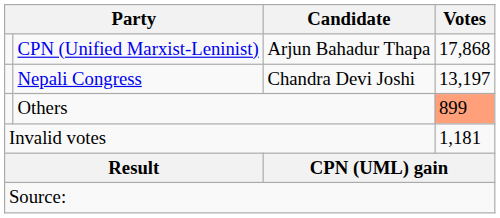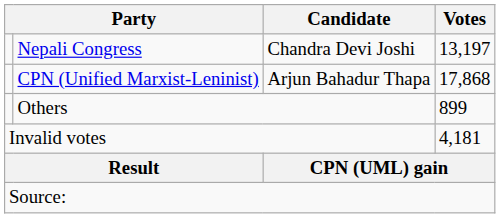 <table class="wikitable">
 <tr>
 <th colspan="2">Party</th>
 <th>Candidate</th>
 <th>Votes</th>
 </tr>
 <tr>
 <td style="color:inherit;background-color:"></td>
+<td><a href='#'>Nepali Congress</a></td>
+<td>Chandra Devi Joshi</td>
+<td>13,197</td>
+</tr>
+<tr>
+<td style="color:inherit;background-color:"></td>
 <td><a href='#'>CPN (Unified Marxist-Leninist)</a></td>
 <td>Arjun Bahadur Thapa</td>
 <td>17,868</td>
 </tr>
 <tr>
-<td style="color:inherit;background-color:"></td>
-<td><a href='#'>Nepali Congress</a></td>
-<td>Chandra Devi Joshi</td>
-<td>13,197</td>
-</tr>
-<tr>
 <td></td>
 <td colspan="2">Others</td>
-<td style="background: lightsalmon;">899</td>
+<td>899</td>
 </tr>
 <tr>
 <td colspan="3">Invalid votes</td>
-<td>1,181</td>
+<td>4,181</td>
 </tr>
 <tr>
 <th colspan="2">Result</th>
 <th colspan="2">CPN (UML) gain</th>
 </tr>
 <tr>
 <td colspan="4">Source: </td>
 </tr>
 </table>
